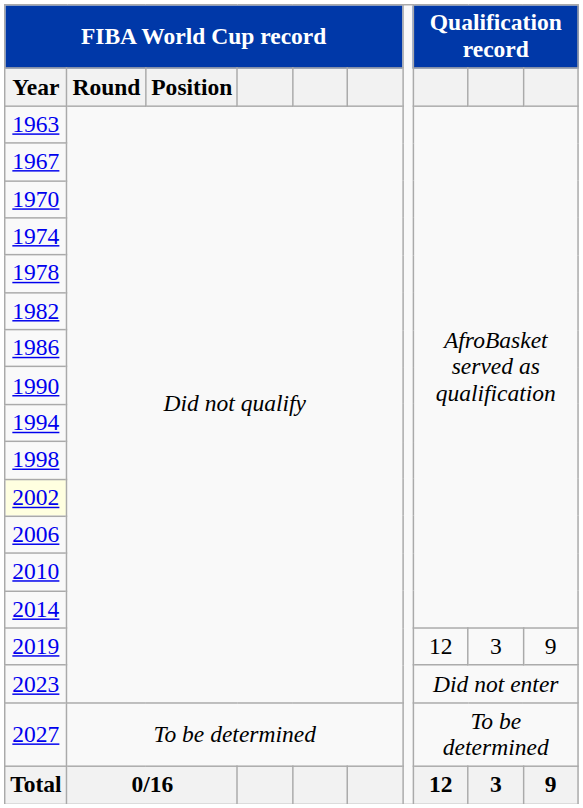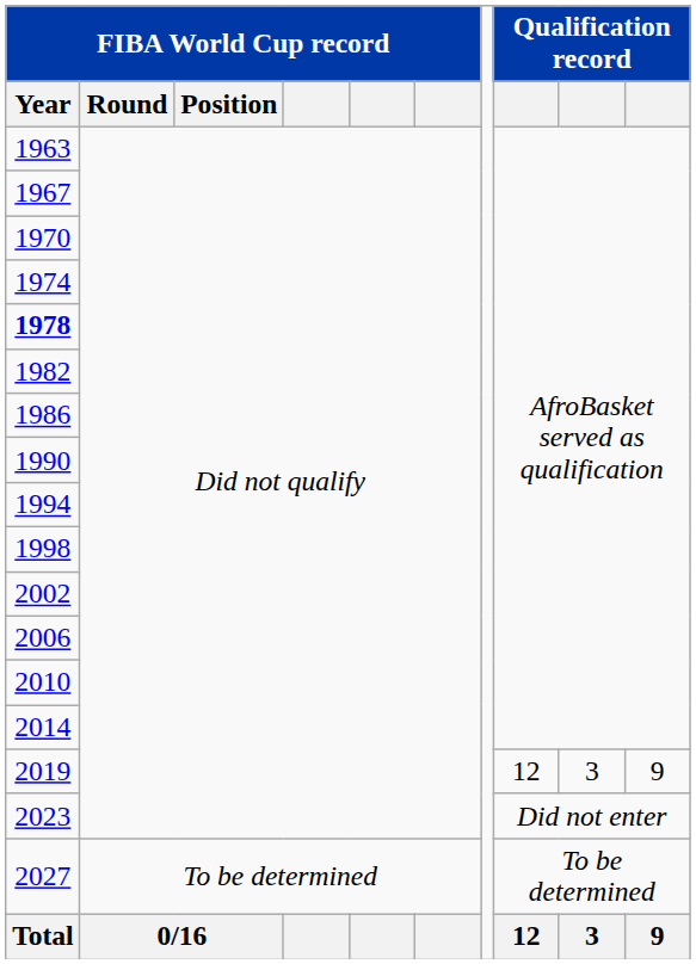 <table class="wikitable" style="text-align:center;">
 <tr>
 <th colspan="6" style="background:#0038A8; color:white;">FIBA World Cup record</th>
 <td rowspan="20"></td>
 <th colspan="3" style="background:#0038A8; color:white;">Qualification record</th>
 </tr>
 <tr>
 <th>Year</th>
 <th>Round</th>
 <th>Position</th>
 <th width="30"></th>
 <th width="30"></th>
 <th width="30"></th>
 <th width="30"></th>
 <th width="30"></th>
 <th width="30"></th>
 </tr>
 <tr>
 <td> <a href='#'>1963</a></td>
 <td colspan="5" rowspan="16"><em>Did not qualify</em></td>
 <td colspan="3" rowspan="14"><em>AfroBasket served as qualification</em></td>
 </tr>
 <tr>
 <td> <a href='#'>1967</a></td>
 </tr>
 <tr>
 <td> <a href='#'>1970</a></td>
 </tr>
 <tr>
 <td> <a href='#'>1974</a></td>
 </tr>
 <tr>
-<td> <a href='#'>1978</a></td>
+<td><strong> <a href='#'>1978</a></strong></td>
 </tr>
 <tr>
 <td> <a href='#'>1982</a></td>
 </tr>
 <tr>
 <td> <a href='#'>1986</a></td>
 </tr>
 <tr>
 <td> <a href='#'>1990</a></td>
 </tr>
 <tr>
 <td> <a href='#'>1994</a></td>
 </tr>
 <tr>
 <td> <a href='#'>1998</a></td>
 </tr>
 <tr>
-<td style="background: lightyellow;"> <a href='#'>2002</a></td>
+<td> <a href='#'>2002</a></td>
 </tr>
 <tr>
 <td> <a href='#'>2006</a></td>
 </tr>
 <tr>
 <td> <a href='#'>2010</a></td>
 </tr>
 <tr>
 <td> <a href='#'>2014</a></td>
 </tr>
 <tr>
 <td> <a href='#'>2019</a></td>
 <td>12</td>
 <td>3</td>
 <td>9</td>
 </tr>
 <tr>
 <td> <a href='#'>2023</a></td>
 <td colspan="3"><em>Did not enter</em></td>
 </tr>
 <tr>
 <td> <a href='#'>2027</a></td>
 <td colspan="5"><em>To be determined</em></td>
 <td colspan="3"><em>To be determined</em></td>
 </tr>
 <tr>
 <th>Total</th>
 <th colspan="2">0/16</th>
 <th></th>
 <th></th>
 <th></th>
 <th>12</th>
 <th>3</th>
 <th>9</th>
 </tr>
 </table>
